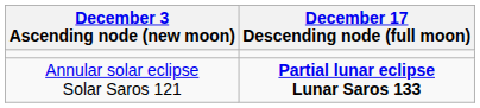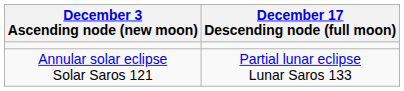 <table class="wikitable">
 <tr>
 <th><a href='#'>December 3</a><br>Ascending node (new moon)<br></th>
 <th><a href='#'>December 17</a><br>Descending node (full moon)<br></th>
 </tr>
 <tr>
 <td></td>
 <td></td>
 </tr>
 <tr align=center>
 <td><a href='#'>Annular solar eclipse</a><br>Solar Saros 121</td>
-<td><strong><a href='#'>Partial lunar eclipse</a><br>Lunar Saros 133</strong></td>
+<td><a href='#'>Partial lunar eclipse</a><br>Lunar Saros 133</td>
 </tr>
 </table>
